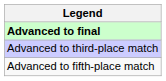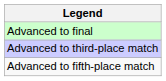 <table class="wikitable">
 <tr>
 <th>Legend</th>
 </tr>
 <tr bgcolor="ccffcc">
-<td><strong>Advanced to final</strong></td>
+<td>Advanced to final</td>
 </tr>
 <tr bgcolor="ccccff">
 <td>Advanced to third-place match</td>
 </tr>
 <tr>
 <td>Advanced to fifth-place match</td>
 </tr>
 </table>
